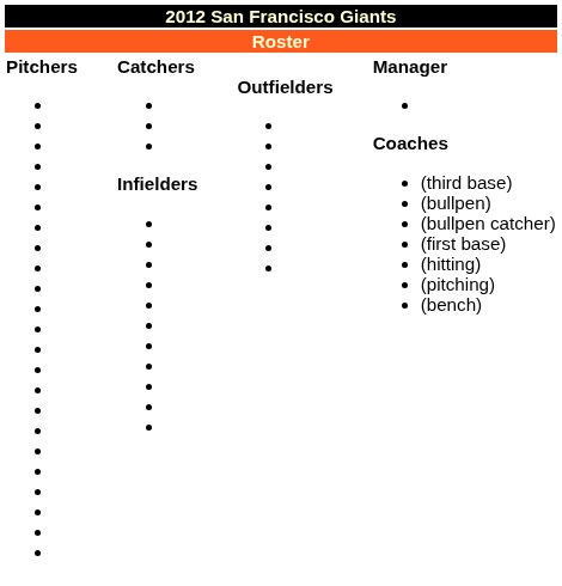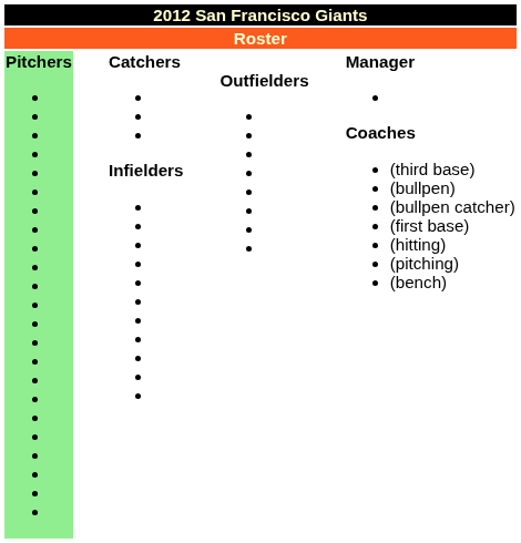 <table class="toccolours" style="font-size: 95%;">
 <tr>
 <th colspan=10 style="background:black; color:#fffdd0; text-align:center;">2012 San Francisco Giants</th>
 </tr>
 <tr>
 <td colspan=10 style="background:#fd5a1e; color:#fffdd0; text-align:center;"><strong>Roster</strong></td>
 </tr>
 <tr>
-<td valign="top"><strong>Pitchers</strong><br><ul><li></li><li></li><li></li><li></li><li></li><li></li><li></li><li></li><li></li><li></li><li></li><li></li><li></li><li></li><li></li><li></li><li></li><li></li><li></li><li></li><li></li><li></li><li></li></ul></td>
+<td valign="top" style="background: lightgreen;"><strong>Pitchers</strong><br><ul><li></li><li></li><li></li><li></li><li></li><li></li><li></li><li></li><li></li><li></li><li></li><li></li><li></li><li></li><li></li><li></li><li></li><li></li><li></li><li></li><li></li><li></li><li></li></ul></td>
 <td style="width:25px;"></td>
 <td valign="top"><strong>Catchers</strong><br><ul><li></li><li></li><li></li></ul><strong>Infielders</strong><ul><li></li><li></li><li></li><li></li><li></li><li></li><li></li><li></li><li></li><li></li><li></li></ul></td>
 <td style="width:25px;"></td>
 <td valign="top"><br><strong>Outfielders</strong><ul><li></li><li></li><li></li><li></li><li></li><li></li><li></li><li></li></ul></td>
 <td style="width:25px;"></td>
 <td valign="top"><strong>Manager</strong><br><ul><li></li></ul><strong>Coaches</strong><ul><li> (third base)</li><li> (bullpen)</li><li> (bullpen catcher)</li><li> (first base)</li><li> (hitting)</li><li> (pitching)</li><li> (bench)</li></ul></td>
 </tr>
 </table>
